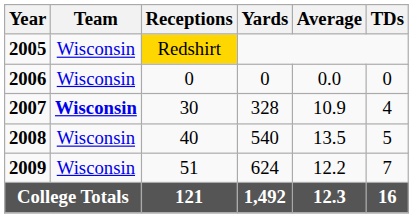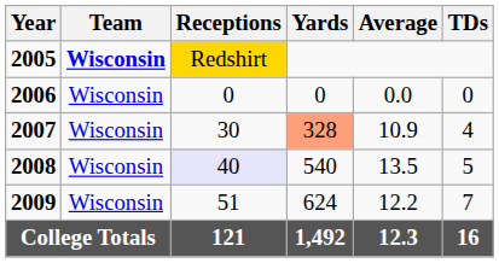 <table class="wikitable" style="text-align:center;">
 <tr>
 <th>Year</th>
 <th>Team</th>
 <th>Receptions</th>
 <th>Yards</th>
 <th>Average</th>
 <th>TDs</th>
 </tr>
 <tr>
 <td><strong>2005</strong></td>
-<td><a href='#'>Wisconsin</a></td>
+<td><strong><a href='#'>Wisconsin</a></strong></td>
 <td style="background: gold;">Redshirt</td>
 </tr>
 <tr>
 <td><strong>2006</strong></td>
 <td><a href='#'>Wisconsin</a></td>
 <td>0</td>
 <td>0</td>
 <td>0.0</td>
 <td>0</td>
 </tr>
 <tr>
 <td><strong>2007</strong></td>
-<td><strong><a href='#'>Wisconsin</a></strong></td>
+<td><a href='#'>Wisconsin</a></td>
 <td>30</td>
-<td>328</td>
+<td style="background: lightsalmon;">328</td>
 <td>10.9</td>
 <td>4</td>
 </tr>
 <tr>
 <td><strong>2008</strong></td>
 <td><a href='#'>Wisconsin</a></td>
-<td>40</td>
+<td style="background: lavender;">40</td>
 <td>540</td>
 <td>13.5</td>
 <td>5</td>
 </tr>
 <tr>
 <td><strong>2009</strong></td>
 <td><a href='#'>Wisconsin</a></td>
 <td>51</td>
 <td>624</td>
 <td>12.2</td>
 <td>7</td>
 </tr>
 <tr style="background:#555555;font-weight:bold;color:white;">
 <td colspan=2>College Totals</td>
 <td>121</td>
 <td>1,492</td>
 <td>12.3</td>
 <td>16</td>
 </tr>
 <tr style="background:#555555;font-weight:bold;color:white;">
 </tr>
 </table>
